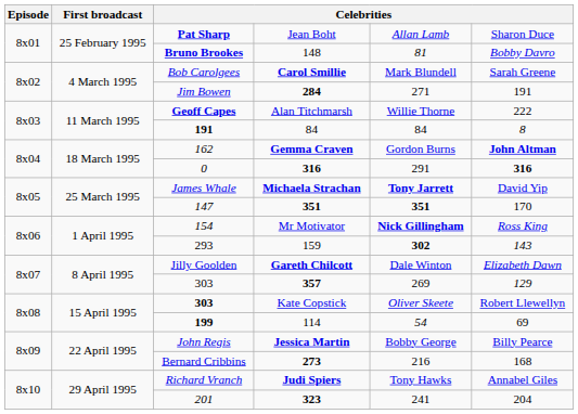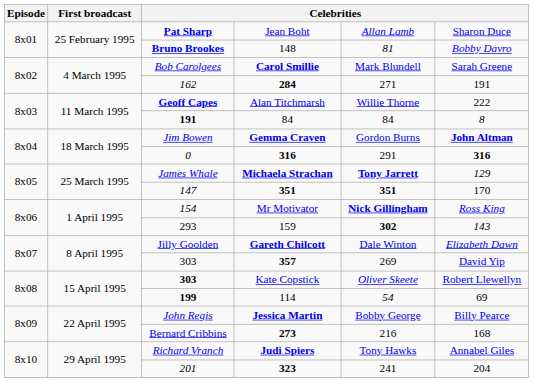 <table class="wikitable" width="750px" style="text-align:center;">
 <tr>
 <th width="8%">Episode</th>
 <th width="18%">First broadcast</th>
 <th colspan="4">Celebrities</th>
 </tr>
 <tr>
 <td rowspan="2">8x01</td>
 <td rowspan="2">25 February 1995</td>
 <td><strong><a href='#'>Pat Sharp</a></strong></td>
 <td><a href='#'>Jean Boht</a></td>
 <td><em><a href='#'>Allan Lamb</a></em></td>
 <td><a href='#'>Sharon Duce</a></td>
 </tr>
 <tr>
 <td><strong><a href='#'>Bruno Brookes</a></strong></td>
 <td>148</td>
 <td><em>81</em></td>
 <td><em><a href='#'>Bobby Davro</a></em></td>
 </tr>
 <tr>
 <td rowspan="2">8x02</td>
 <td rowspan="2">4 March 1995</td>
 <td><em><a href='#'>Bob Carolgees</a></em></td>
 <td><strong><a href='#'>Carol Smillie</a></strong></td>
 <td><a href='#'>Mark Blundell</a></td>
 <td><a href='#'>Sarah Greene</a></td>
 </tr>
 <tr>
-<td><em><a href='#'>Jim Bowen</a></em></td>
+<td><em>162</em></td>
 <td><strong>284</strong></td>
 <td>271</td>
 <td>191</td>
 </tr>
 <tr>
 <td rowspan="2">8x03</td>
 <td rowspan="2">11 March 1995</td>
 <td><strong><a href='#'>Geoff Capes</a></strong></td>
 <td><a href='#'>Alan Titchmarsh</a></td>
 <td><a href='#'>Willie Thorne</a></td>
 <td>222</td>
 </tr>
 <tr>
 <td><strong>191</strong></td>
 <td>84</td>
 <td>84</td>
 <td><em>8</em></td>
 </tr>
 <tr>
 <td rowspan="2">8x04</td>
 <td rowspan="2">18 March 1995</td>
-<td><em>162</em></td>
+<td><em><a href='#'>Jim Bowen</a></em></td>
 <td><strong><a href='#'>Gemma Craven</a></strong></td>
 <td><a href='#'>Gordon Burns</a></td>
 <td><strong><a href='#'>John Altman</a></strong></td>
 </tr>
 <tr>
 <td><em>0</em></td>
 <td><strong>316</strong></td>
 <td>291</td>
 <td><strong>316</strong></td>
 </tr>
 <tr>
 <td rowspan="2">8x05</td>
 <td rowspan="2">25 March 1995</td>
 <td><em><a href='#'>James Whale</a></em></td>
 <td><strong><a href='#'>Michaela Strachan</a></strong></td>
 <td><strong><a href='#'>Tony Jarrett</a></strong></td>
-<td><a href='#'>David Yip</a></td>
+<td><em>129</em></td>
 </tr>
 <tr>
 <td><em>147</em></td>
 <td><strong>351</strong></td>
 <td><strong>351</strong></td>
 <td>170</td>
 </tr>
 <tr>
 <td rowspan="2">8x06</td>
 <td rowspan="2">1 April 1995</td>
 <td><em>154</em></td>
 <td><a href='#'>Mr Motivator</a></td>
 <td><strong><a href='#'>Nick Gillingham</a></strong></td>
 <td><em><a href='#'>Ross King</a></em></td>
 </tr>
 <tr>
 <td>293</td>
 <td>159</td>
 <td><strong>302</strong></td>
 <td><em>143</em></td>
 </tr>
 <tr>
 <td rowspan="2">8x07</td>
 <td rowspan="2">8 April 1995</td>
 <td><a href='#'>Jilly Goolden</a></td>
 <td><strong><a href='#'>Gareth Chilcott</a></strong></td>
 <td><a href='#'>Dale Winton</a></td>
 <td><em><a href='#'>Elizabeth Dawn</a></em></td>
 </tr>
 <tr>
 <td>303</td>
 <td><strong>357</strong></td>
 <td>269</td>
-<td><em>129</em></td>
+<td><a href='#'>David Yip</a></td>
 </tr>
 <tr>
 <td rowspan="2">8x08</td>
 <td rowspan="2">15 April 1995</td>
 <td><strong>303</strong></td>
 <td><a href='#'>Kate Copstick</a></td>
 <td><em><a href='#'>Oliver Skeete</a></em></td>
 <td><a href='#'>Robert Llewellyn</a></td>
 </tr>
 <tr>
 <td><strong>199</strong></td>
 <td>114</td>
 <td><em>54</em></td>
 <td>69</td>
 </tr>
 <tr>
 <td rowspan="2">8x09</td>
 <td rowspan="2">22 April 1995</td>
 <td><em><a href='#'>John Regis</a></em></td>
 <td><strong><a href='#'>Jessica Martin</a></strong></td>
 <td><a href='#'>Bobby George</a></td>
 <td><a href='#'>Billy Pearce</a></td>
 </tr>
 <tr>
 <td><a href='#'>Bernard Cribbins</a></td>
 <td><strong>273</strong></td>
 <td>216</td>
 <td>168</td>
 </tr>
 <tr>
 <td rowspan="2">8x10</td>
 <td rowspan="2">29 April 1995</td>
 <td><em><a href='#'>Richard Vranch</a></em></td>
 <td><strong><a href='#'>Judi Spiers</a></strong></td>
 <td><a href='#'>Tony Hawks</a></td>
 <td><a href='#'>Annabel Giles</a></td>
 </tr>
 <tr>
 <td><em>201</em></td>
 <td><strong>323</strong></td>
 <td>241</td>
 <td>204</td>
 </tr>
 </table>
